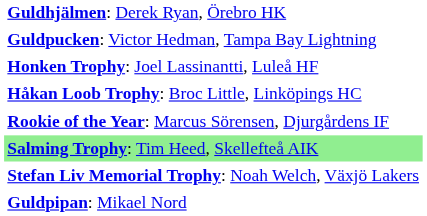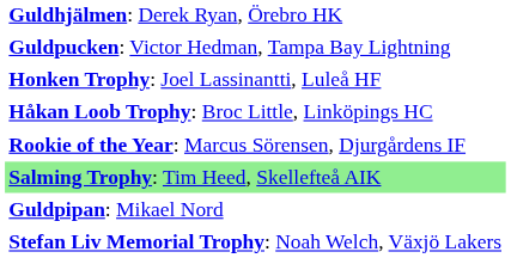 <table cellpadding="3" cellspacing="1">
 <tr>
 <td><strong><a href='#'>Guldhjälmen</a></strong>: <a href='#'>Derek Ryan</a>, <a href='#'>Örebro HK</a></td>
 </tr>
 <tr>
 <td><strong><a href='#'>Guldpucken</a></strong>: <a href='#'>Victor Hedman</a>, <a href='#'>Tampa Bay Lightning</a></td>
 </tr>
 <tr>
 <td><strong><a href='#'>Honken Trophy</a></strong>: <a href='#'>Joel Lassinantti</a>, <a href='#'>Luleå HF</a></td>
 </tr>
 <tr>
 <td><strong><a href='#'>Håkan Loob Trophy</a></strong>: <a href='#'>Broc Little</a>, <a href='#'>Linköpings HC</a></td>
 </tr>
 <tr>
 <td><strong><a href='#'>Rookie of the Year</a></strong>: <a href='#'>Marcus Sörensen</a>, <a href='#'>Djurgårdens IF</a></td>
 </tr>
 <tr>
 <td style="background: lightgreen;"><strong><a href='#'>Salming Trophy</a></strong>: <a href='#'>Tim Heed</a>, <a href='#'>Skellefteå AIK</a></td>
 </tr>
 <tr>
+<td><strong><a href='#'>Guldpipan</a></strong>: <a href='#'>Mikael Nord</a></td>
+</tr>
+<tr>
 <td><strong><a href='#'>Stefan Liv Memorial Trophy</a></strong>: <a href='#'>Noah Welch</a>, <a href='#'>Växjö Lakers</a></td>
 </tr>
-<tr>
-<td><strong><a href='#'>Guldpipan</a></strong>: <a href='#'>Mikael Nord</a></td>
-</tr>
 </table>
